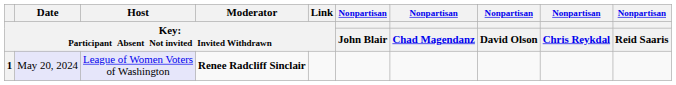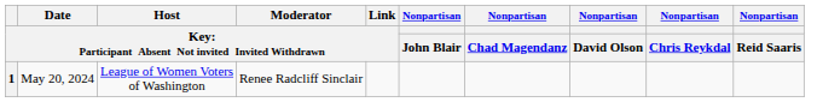 <table class="wikitable" style="text-align:center;">
 <tr>
 <th scope="col"></th>
 <th scope="col">Date</th>
 <th scope="col">Host</th>
 <th scope="col">Moderator</th>
 <th scope="col">Link</th>
 <th scope="col"><small><a href='#'>Nonpartisan</a></small></th>
 <th scope="col"><small><a href='#'>Nonpartisan</a></small></th>
 <th scope="col"><small><a href='#'>Nonpartisan</a></small></th>
 <th scope="col"><small><a href='#'>Nonpartisan</a></small></th>
 <th scope="col"><small><a href='#'>Nonpartisan</a></small></th>
 </tr>
 <tr>
 <th colspan="5" rowspan="2">Key:<br> <small>Participant </small>  <small>Absent </small>  <small>Not invited </small>  <small>Invited  Withdrawn</small></th>
 <th scope="col" style="background:"></th>
 <th scope="col" style="background:"></th>
 <th scope="col" style="background:"></th>
 <th scope="col" style="background:"></th>
 <th scope="col" style="background:"></th>
 </tr>
 <tr>
 <th scope="col">John Blair</th>
 <th scope="col"><a href='#'>Chad Magendanz</a></th>
 <th scope="col">David Olson</th>
 <th scope="col"><a href='#'>Chris Reykdal</a></th>
 <th scope="col">Reid Saaris</th>
 </tr>
 <tr>
 <th>1</th>
-<td style="background: lavender; white-space:nowrap;">May 20, 2024</td>
-<td style="background: lavender; white-space:nowrap;"><a href='#'>League of Women Voters</a><br>of Washington</td>
-<td style="white-space:nowrap;"><strong>Renee Radcliff Sinclair</strong></td>
+<td style="white-space:nowrap;">May 20, 2024</td>
+<td style="white-space:nowrap;"><a href='#'>League of Women Voters</a><br>of Washington</td>
+<td style="white-space:nowrap;">Renee Radcliff Sinclair</td>
 <td style="white-space:nowrap;"></td>
 <td></td>
 <td></td>
 <td></td>
 <td></td>
 <td></td>
 </tr>
 </table>
